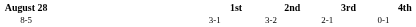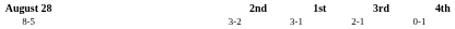 <table width=60% cellspacing=1>
 <tr>
 <th width=20%></th>
 <th width=12%>August 28</th>
 <th width=20%></th>
+<th width=8%>2nd</th>
 <th width=8%>1st</th>
-<th width=8%>2nd</th>
 <th width=8%>3rd</th>
 <th width=8%>4th</th>
 </tr>
 <tr style=font-size:90%>
 <td align=right><strong></strong></td>
 <td align=center>8-5</td>
 <td></td>
+<td>3-2</td>
 <td>3-1</td>
-<td>3-2</td>
 <td>2-1</td>
 <td>0-1</td>
 </tr>
 </table>
